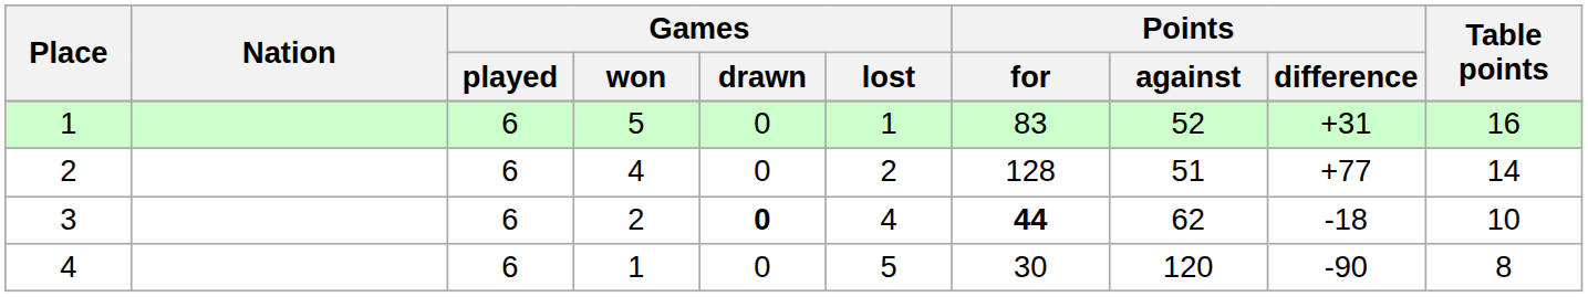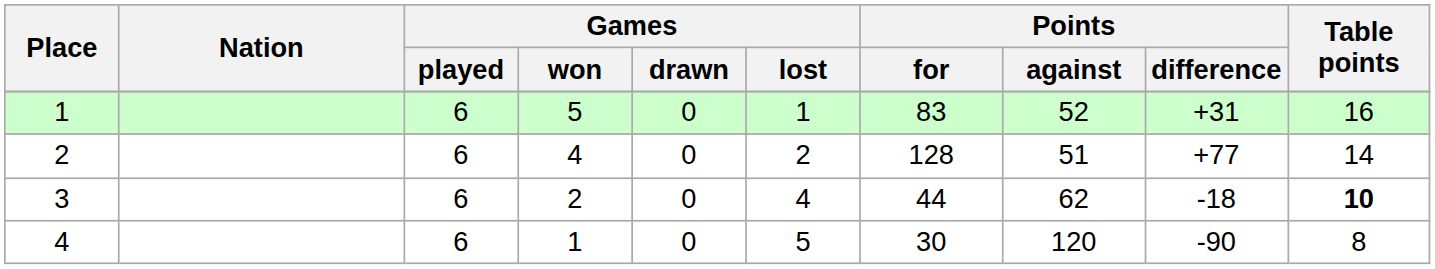 <table class="wikitable">
 <tr>
 <th rowspan=2 width="8%">Place</th>
 <th rowspan=2 width="20%">Nation</th>
 <th colspan=4 width="32%">Games</th>
 <th colspan=3 width="30%">Points</th>
 <th rowspan=2 width="10%">Table<br>points</th>
 </tr>
 <tr>
 <th width="8%">played</th>
 <th width="8%">won</th>
 <th width="8%">drawn</th>
 <th width="8%">lost</th>
 <th width="10%">for</th>
 <th width="10%">against</th>
 <th width="10%">difference</th>
 </tr>
 <tr>
 </tr>
 <tr bgcolor=#ccffcc align=center>
 <td>1</td>
 <td align=left><strong></strong></td>
 <td>6</td>
 <td>5</td>
 <td>0</td>
 <td>1</td>
 <td>83</td>
 <td>52</td>
 <td>+31</td>
 <td>16</td>
 </tr>
 <tr bgcolor=#ffffff align=center>
 <td>2</td>
 <td align=left></td>
 <td>6</td>
 <td>4</td>
 <td>0</td>
 <td>2</td>
 <td>128</td>
 <td>51</td>
 <td>+77</td>
 <td>14</td>
 </tr>
 <tr bgcolor=#ffffff align=center>
 <td>3</td>
 <td align=left></td>
 <td>6</td>
 <td>2</td>
-<td><strong>0</strong></td>
+<td>0</td>
 <td>4</td>
-<td><strong>44</strong></td>
+<td>44</td>
 <td>62</td>
 <td>-18</td>
-<td>10</td>
+<td><strong>10</strong></td>
 </tr>
 <tr bgcolor=#ffffff align=center>
 <td>4</td>
 <td align=left></td>
 <td>6</td>
 <td>1</td>
 <td>0</td>
 <td>5</td>
 <td>30</td>
 <td>120</td>
 <td>-90</td>
 <td>8</td>
 </tr>
 </table>
